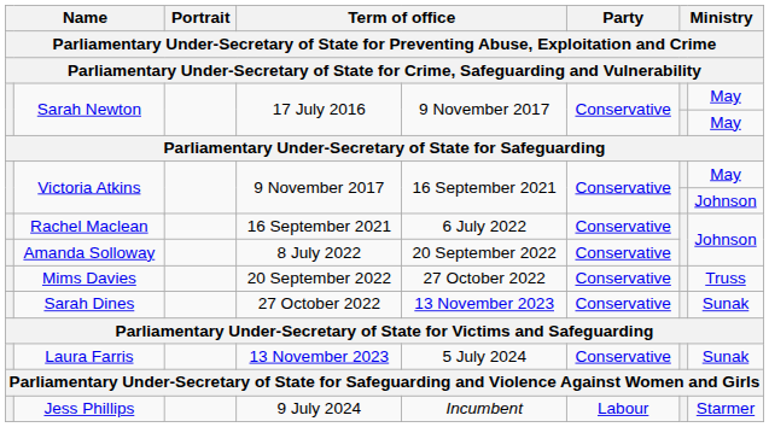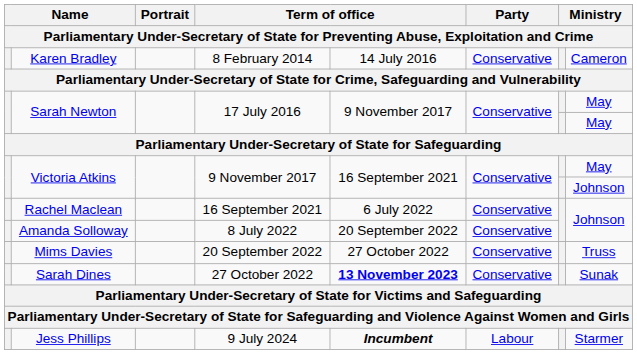 <table class="wikitable" style="text-align:center">
 <tr>
 <th colspan=2>Name</th>
 <th>Portrait</th>
 <th colspan=2>Term of office</th>
 <th>Party</th>
 <th colspan=2>Ministry</th>
 </tr>
 <tr>
 <th colspan="8"><strong>Parliamentary Under-Secretary of State for Preventing Abuse, Exploitation and Crime</strong></th>
+</tr>
+<tr>
+<th style="background-color: "></th>
+<td><a href='#'>Karen Bradley</a></td>
+<td></td>
+<td>8 February 2014</td>
+<td>14 July 2016</td>
+<td><a href='#'>Conservative</a></td>
+<th style="background-color: "></th>
+<td><a href='#'>Cameron</a><br></td>
 </tr>
 <tr>
 <th colspan="8"><strong>Parliamentary Under-Secretary of State for Crime, Safeguarding and Vulnerability</strong></th>
 </tr>
 <tr>
 <th rowspan=2 style="background-color: "></th>
 <td rowspan=2><a href='#'>Sarah Newton</a></td>
 <td rowspan=2></td>
 <td rowspan=2>17 July 2016</td>
 <td rowspan=2>9 November 2017</td>
 <td rowspan=2><a href='#'>Conservative</a></td>
 <th style="background-color: "></th>
 <td><a href='#'>May</a><br></td>
 </tr>
 <tr>
 <th style="background-color: "></th>
 <td><a href='#'>May</a><br></td>
 </tr>
 <tr>
 <th colspan="8"><strong>Parliamentary Under-Secretary of State for Safeguarding</strong></th>
 </tr>
 <tr>
 <th rowspan=3 style="background-color: "></th>
 <td rowspan=3><a href='#'>Victoria Atkins</a></td>
 <td rowspan=3></td>
 <td rowspan=3>9 November 2017</td>
 <td rowspan=3>16 September 2021</td>
 <td rowspan=3><a href='#'>Conservative</a></td>
 <th style="background-color: "></th>
 <td><a href='#'>May</a><br></td>
 </tr>
 <tr>
 <th style="background-color: "></th>
 <td><a href='#'>Johnson</a><br></td>
 </tr>
 <tr>
 <th rowspan=3 style="background-color: "></th>
 <td rowspan=3><a href='#'>Johnson</a><br></td>
 </tr>
 <tr>
 <th style="background-color: "></th>
 <td><a href='#'>Rachel Maclean</a></td>
 <td></td>
 <td>16 September 2021</td>
 <td>6 July 2022</td>
 <td><a href='#'>Conservative</a></td>
 </tr>
 <tr>
 <th style="background-color: "></th>
 <td><a href='#'>Amanda Solloway</a></td>
 <td></td>
 <td>8 July 2022</td>
 <td>20 September 2022</td>
 <td><a href='#'>Conservative</a></td>
 </tr>
 <tr>
 <th style="background-color: "></th>
 <td><a href='#'>Mims Davies</a></td>
 <td></td>
 <td>20 September 2022</td>
 <td>27 October 2022</td>
 <td><a href='#'>Conservative</a></td>
 <th style="background-color: "></th>
 <td><a href='#'>Truss</a></td>
 </tr>
 <tr>
 <th style="background-color: "></th>
 <td><a href='#'>Sarah Dines</a></td>
 <td></td>
 <td>27 October 2022</td>
-<td><a href='#'>13 November 2023</a></td>
+<td><strong><a href='#'>13 November 2023</a></strong></td>
 <td><a href='#'>Conservative</a></td>
 <th style="background-color: "></th>
 <td><a href='#'>Sunak</a></td>
 </tr>
 <tr>
 <th colspan="8"><strong>Parliamentary Under-Secretary of State for Victims and Safeguarding</strong></th>
-</tr>
-<tr>
-<th style="background-color: "></th>
-<td><a href='#'>Laura Farris</a></td>
-<td></td>
-<td><a href='#'>13 November 2023</a></td>
-<td>5 July 2024</td>
-<td><a href='#'>Conservative</a></td>
-<th style="background-color: "></th>
-<td><a href='#'>Sunak</a></td>
 </tr>
 <tr>
 <th colspan="8"><strong>Parliamentary Under-Secretary of State for Safeguarding and Violence Against Women and Girls</strong></th>
 </tr>
 <tr>
 <th style="background-color: "></th>
 <td><a href='#'>Jess Phillips</a></td>
 <td></td>
 <td>9 July 2024</td>
-<td><em>Incumbent</em></td>
+<td><strong><em>Incumbent</em></strong></td>
 <td><a href='#'>Labour</a></td>
 <th style="background-color: "></th>
 <td><a href='#'>Starmer</a></td>
 </tr>
 </table>
